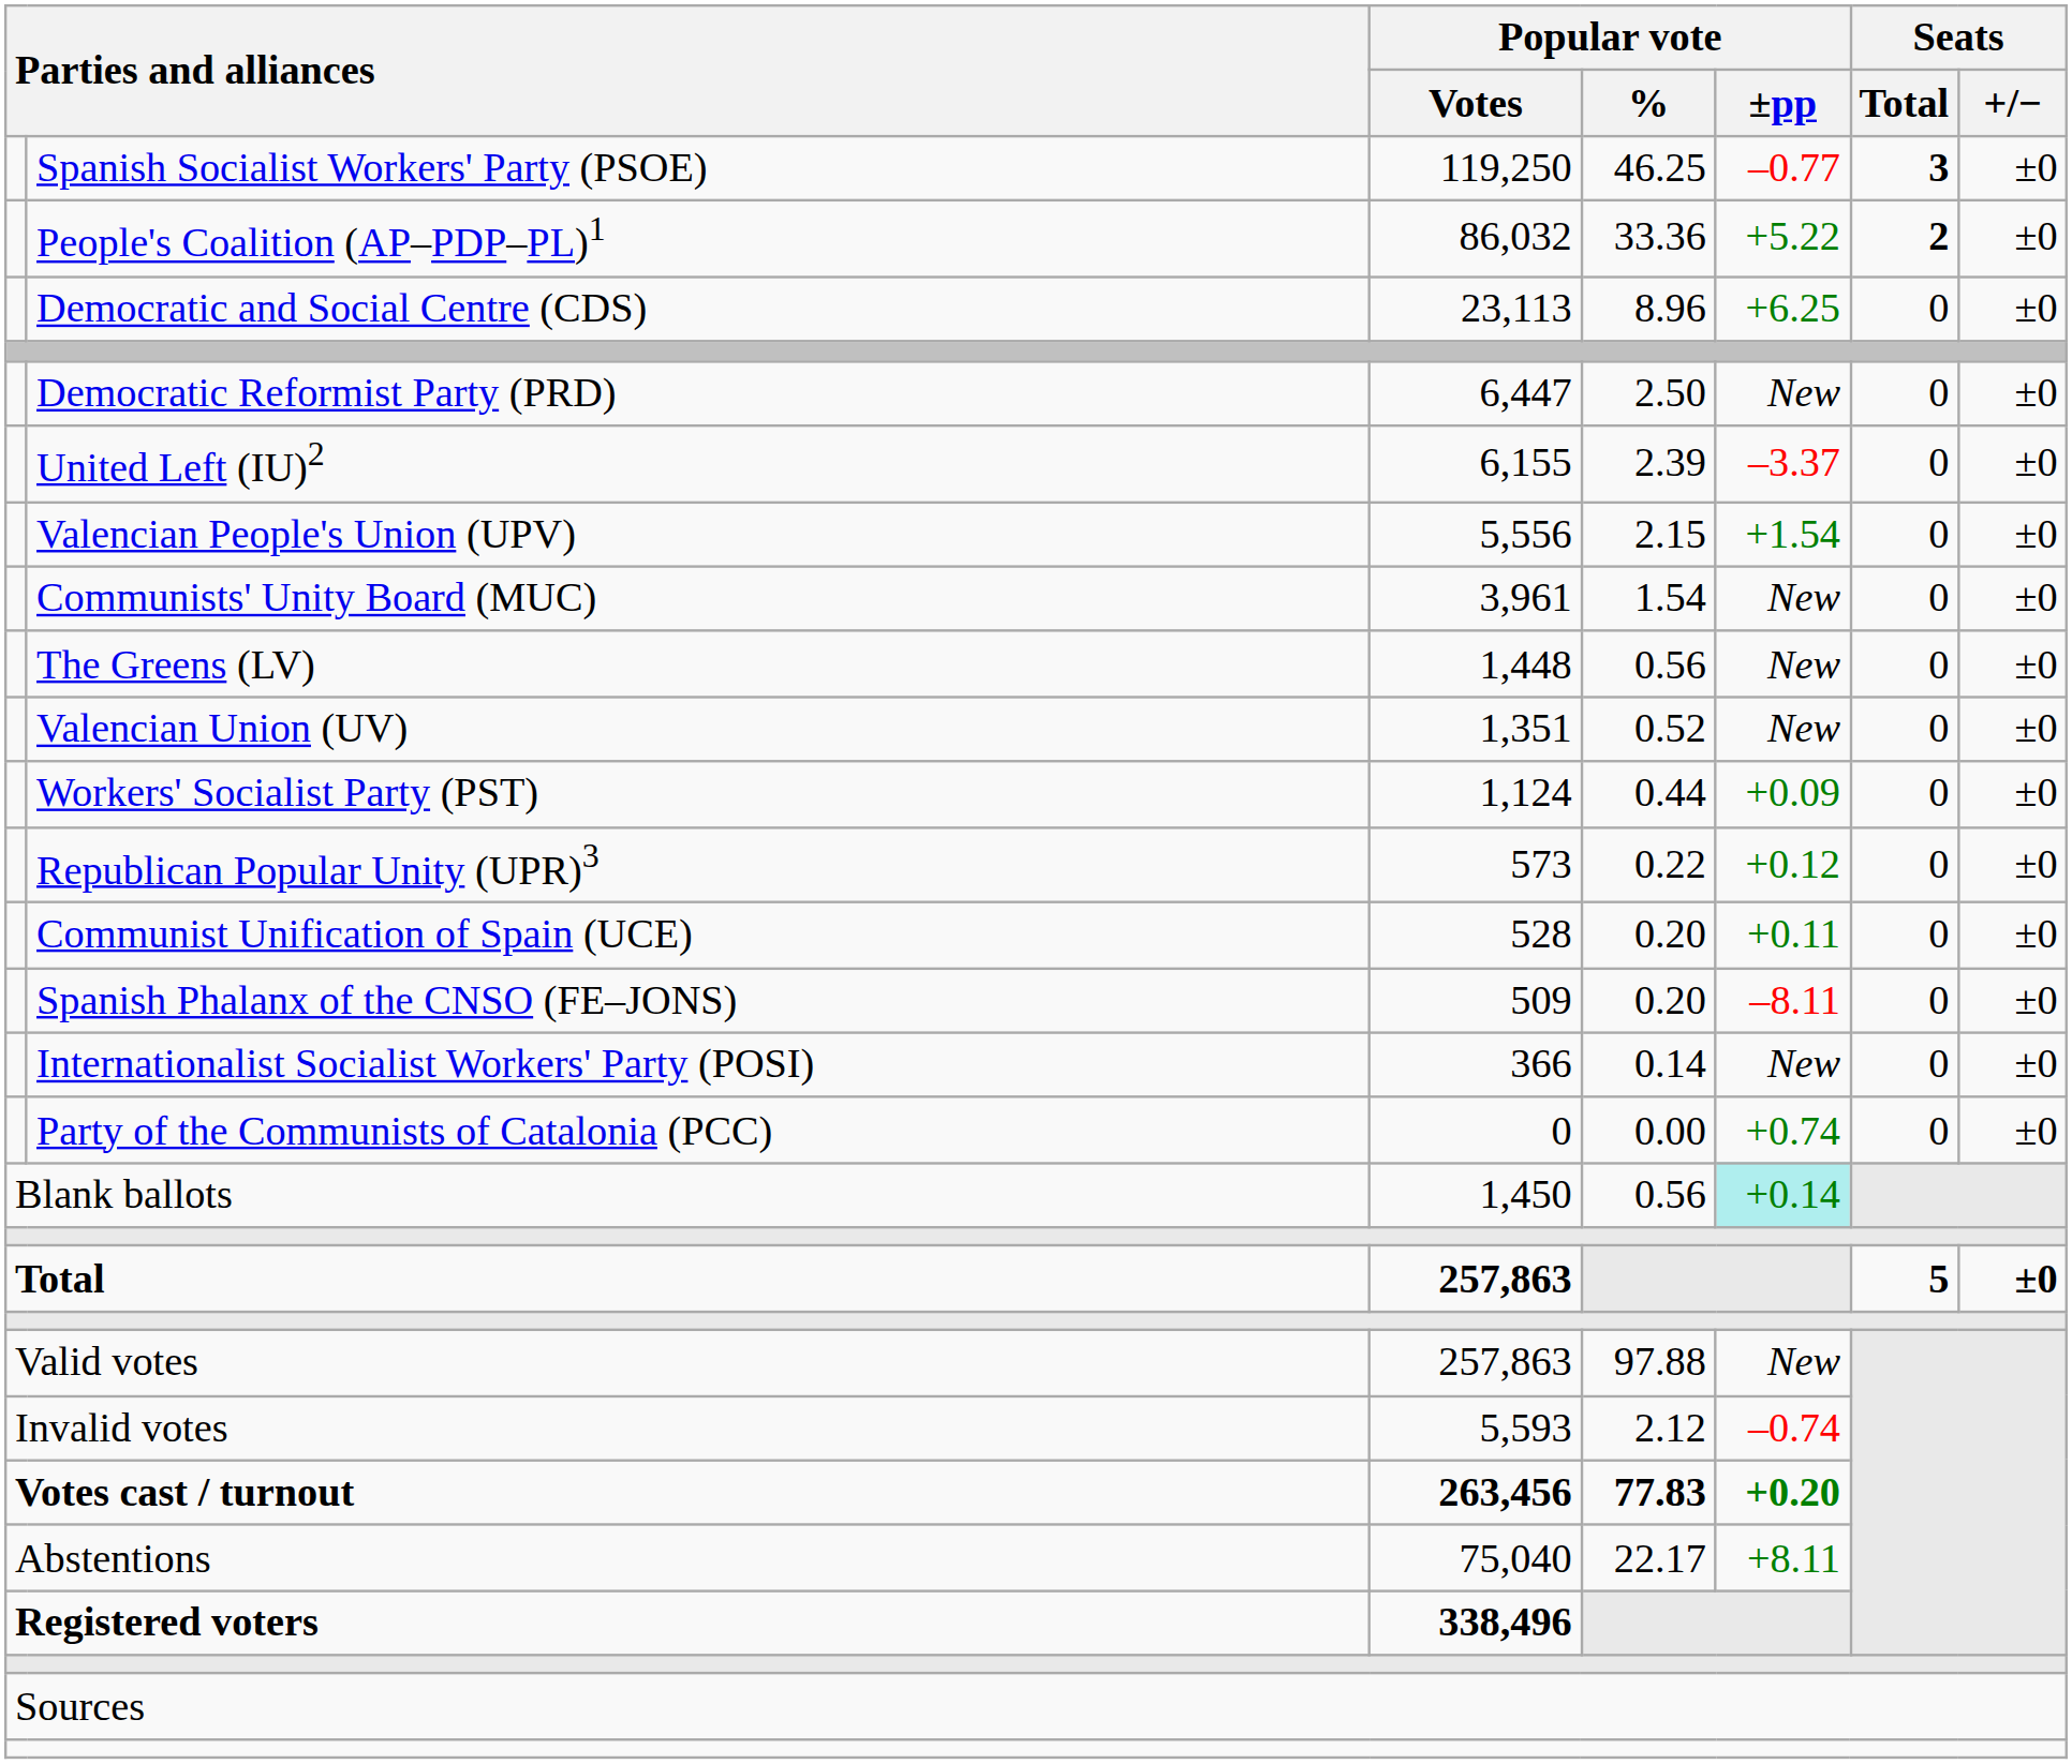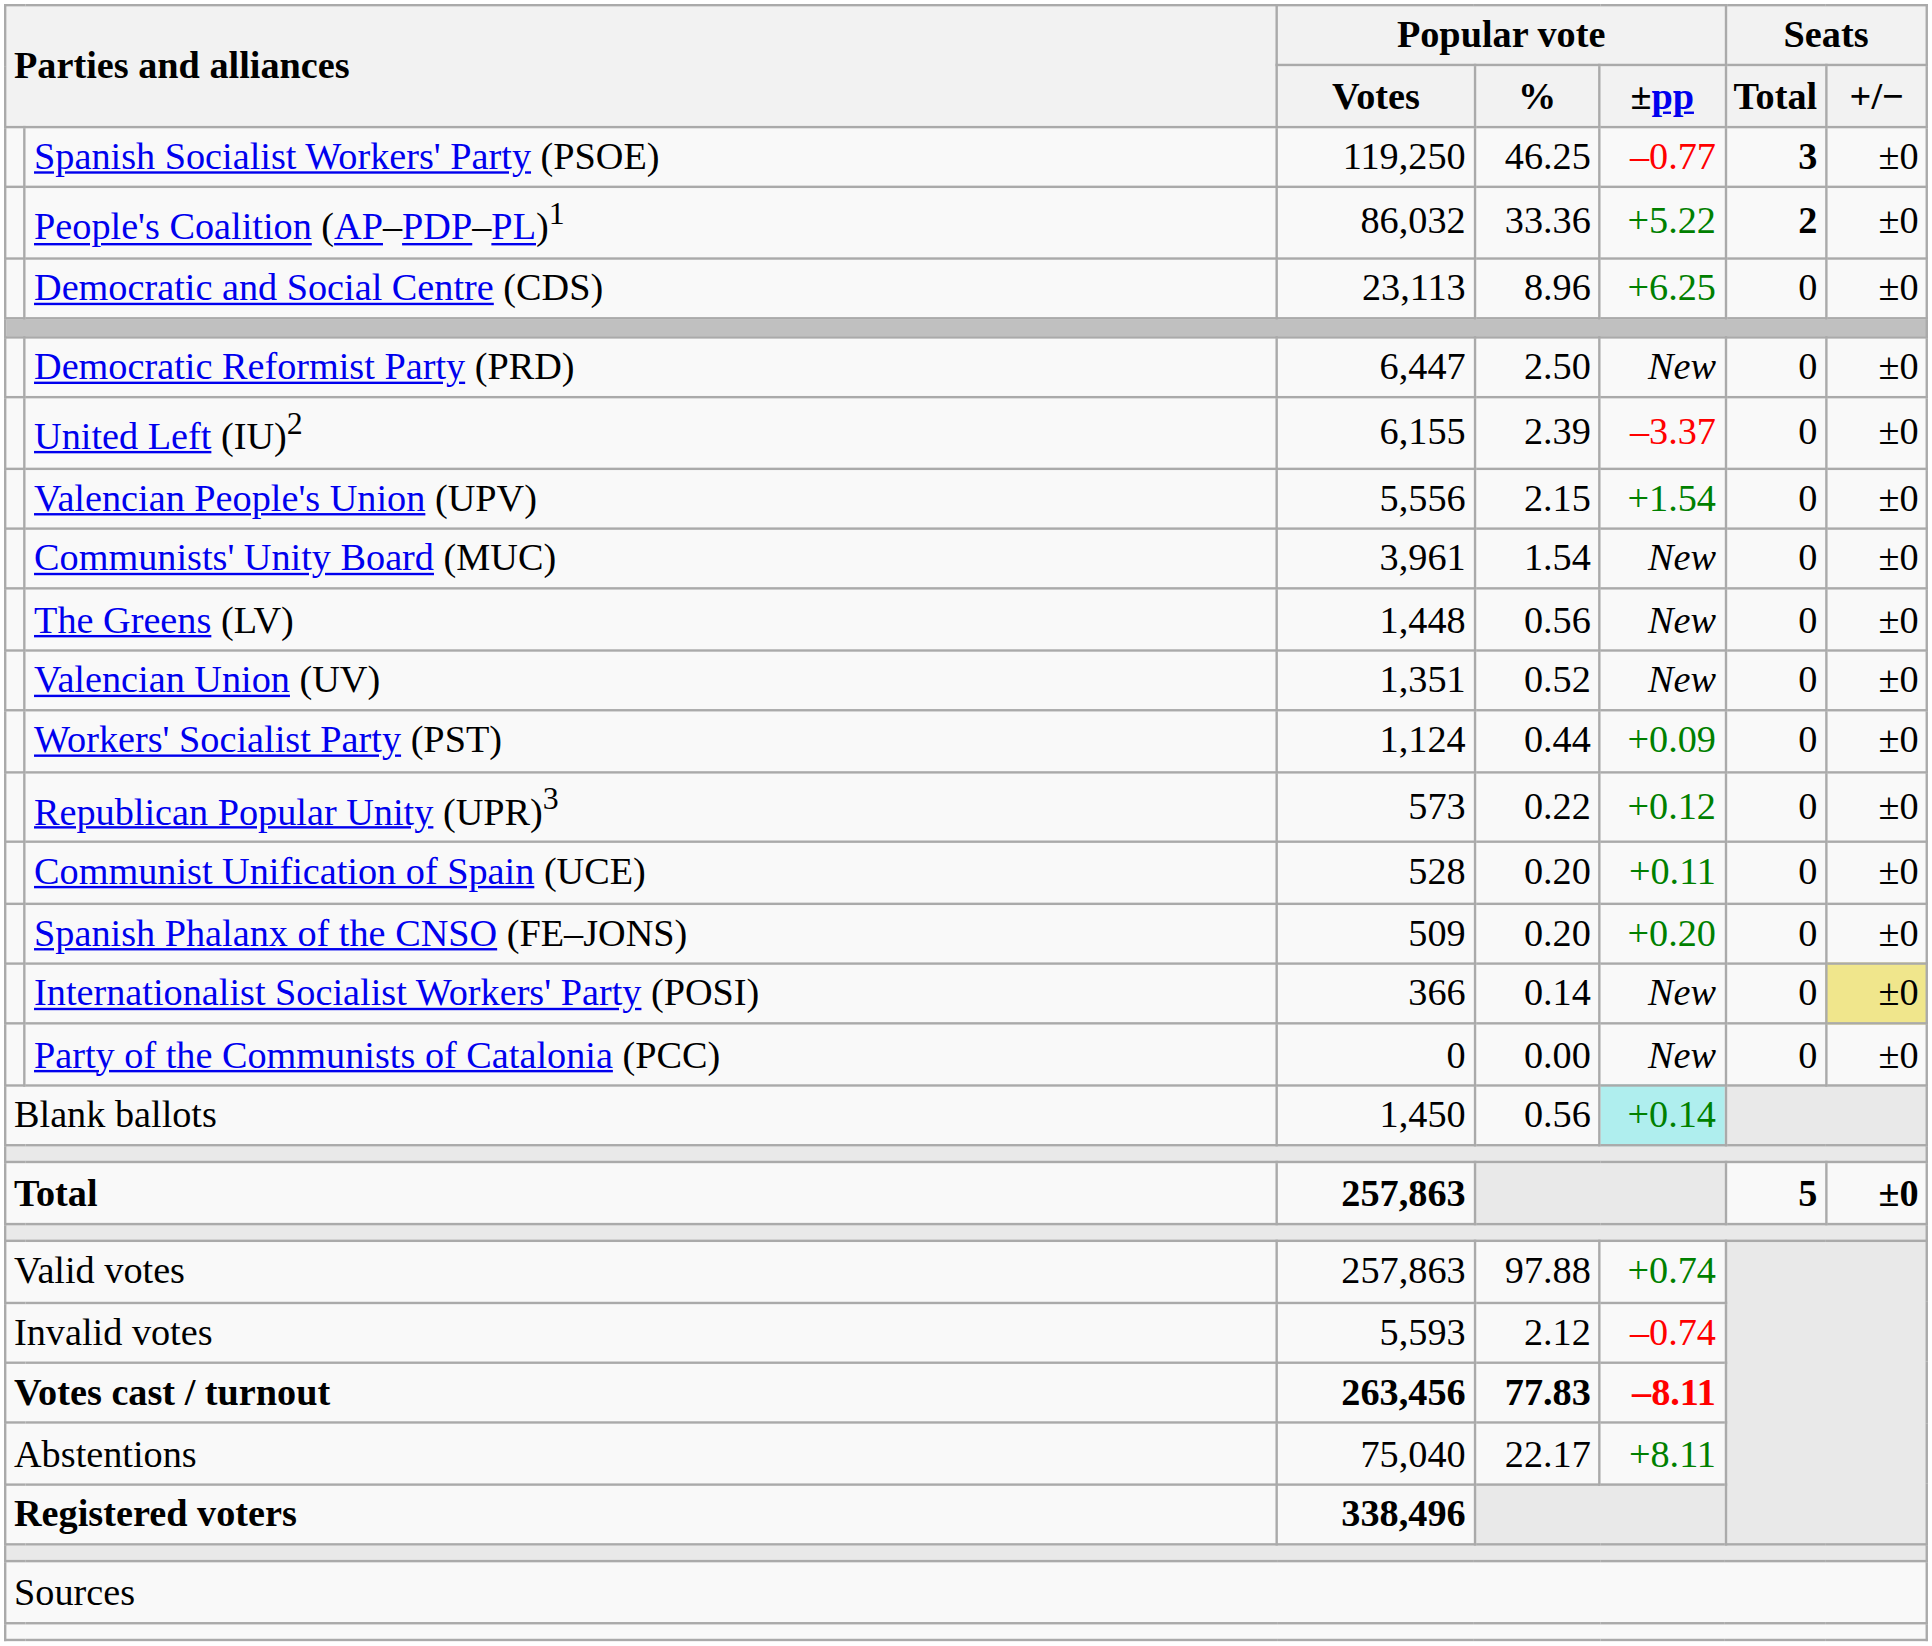 <table class="wikitable" style="text-align:right;">
 <tr>
 <th style="text-align:left;" rowspan="2" colspan="2" width="525">Parties and alliances</th>
 <th colspan="3">Popular vote</th>
 <th colspan="2">Seats</th>
 </tr>
 <tr>
 <th width="75">Votes</th>
 <th width="45">%</th>
 <th width="45">±<a href='#'>pp</a></th>
 <th width="35">Total</th>
 <th width="35">+/−</th>
 </tr>
 <tr>
 <td width="1" style="color:inherit;background:"></td>
 <td align="left"><a href='#'>Spanish Socialist Workers' Party</a> (PSOE)</td>
 <td>119,250</td>
 <td>46.25</td>
 <td style="color:red;">–0.77</td>
 <td><strong>3</strong></td>
 <td>±0</td>
 </tr>
 <tr>
 <td style="color:inherit;background:"></td>
 <td align="left"><a href='#'>People's Coalition</a> (<a href='#'>AP</a>–<a href='#'>PDP</a>–<a href='#'>PL</a>)<sup>1</sup></td>
 <td>86,032</td>
 <td>33.36</td>
 <td style="color:green;">+5.22</td>
 <td><strong>2</strong></td>
 <td>±0</td>
 </tr>
 <tr>
 <td style="color:inherit;background:"></td>
 <td align="left"><a href='#'>Democratic and Social Centre</a> (CDS)</td>
 <td>23,113</td>
 <td>8.96</td>
 <td style="color:green;">+6.25</td>
 <td>0</td>
 <td>±0</td>
 </tr>
 <tr>
 <td colspan="7" bgcolor="#C0C0C0"></td>
 </tr>
 <tr>
 <td style="color:inherit;background:"></td>
 <td align="left"><a href='#'>Democratic Reformist Party</a> (PRD)</td>
 <td>6,447</td>
 <td>2.50</td>
 <td><em>New</em></td>
 <td>0</td>
 <td>±0</td>
 </tr>
 <tr>
 <td style="color:inherit;background:"></td>
 <td align="left"><a href='#'>United Left</a> (IU)<sup>2</sup></td>
 <td>6,155</td>
 <td>2.39</td>
 <td style="color:red;">–3.37</td>
 <td>0</td>
 <td>±0</td>
 </tr>
 <tr>
 <td style="color:inherit;background:"></td>
 <td align="left"><a href='#'>Valencian People's Union</a> (UPV)</td>
 <td>5,556</td>
 <td>2.15</td>
 <td style="color:green;">+1.54</td>
 <td>0</td>
 <td>±0</td>
 </tr>
 <tr>
 <td style="color:inherit;background:"></td>
 <td align="left"><a href='#'>Communists' Unity Board</a> (MUC)</td>
 <td>3,961</td>
 <td>1.54</td>
 <td><em>New</em></td>
 <td>0</td>
 <td>±0</td>
 </tr>
 <tr>
 <td style="color:inherit;background:"></td>
 <td align="left"><a href='#'>The Greens</a> (LV)</td>
 <td>1,448</td>
 <td>0.56</td>
 <td><em>New</em></td>
 <td>0</td>
 <td>±0</td>
 </tr>
 <tr>
 <td style="color:inherit;background:"></td>
 <td align="left"><a href='#'>Valencian Union</a> (UV)</td>
 <td>1,351</td>
 <td>0.52</td>
 <td><em>New</em></td>
 <td>0</td>
 <td>±0</td>
 </tr>
 <tr>
 <td style="color:inherit;background:"></td>
 <td align="left"><a href='#'>Workers' Socialist Party</a> (PST)</td>
 <td>1,124</td>
 <td>0.44</td>
 <td style="color:green;">+0.09</td>
 <td>0</td>
 <td>±0</td>
 </tr>
 <tr>
 <td style="color:inherit;background:"></td>
 <td align="left"><a href='#'>Republican Popular Unity</a> (UPR)<sup>3</sup></td>
 <td>573</td>
 <td>0.22</td>
 <td style="color:green;">+0.12</td>
 <td>0</td>
 <td>±0</td>
 </tr>
 <tr>
 <td style="color:inherit;background:"></td>
 <td align="left"><a href='#'>Communist Unification of Spain</a> (UCE)</td>
 <td>528</td>
 <td>0.20</td>
 <td style="color:green;">+0.11</td>
 <td>0</td>
 <td>±0</td>
 </tr>
 <tr>
 <td style="color:inherit;background:"></td>
 <td align="left"><a href='#'>Spanish Phalanx of the CNSO</a> (FE–JONS)</td>
 <td>509</td>
 <td>0.20</td>
-<td style="color:red;">–8.11</td>
+<td style="color:green;">+0.20</td>
 <td>0</td>
 <td>±0</td>
 </tr>
 <tr>
 <td style="color:inherit;background:"></td>
 <td align="left"><a href='#'>Internationalist Socialist Workers' Party</a> (POSI)</td>
 <td>366</td>
 <td>0.14</td>
 <td><em>New</em></td>
 <td>0</td>
-<td>±0</td>
+<td style="background: khaki;">±0</td>
 </tr>
 <tr>
 <td style="color:inherit;background:"></td>
 <td align="left"><a href='#'>Party of the Communists of Catalonia</a> (PCC)</td>
 <td>0</td>
 <td>0.00</td>
-<td style="color:green;">+0.74</td>
+<td><em>New</em></td>
 <td>0</td>
 <td>±0</td>
 </tr>
 <tr>
 <td align="left" colspan="2">Blank ballots</td>
 <td>1,450</td>
 <td>0.56</td>
 <td style="background: paleturquoise; color:green;">+0.14</td>
 <td bgcolor="#E9E9E9" colspan="2"></td>
 </tr>
 <tr>
 <td colspan="7" bgcolor="#E9E9E9"></td>
 </tr>
 <tr style="font-weight:bold;">
 <td align="left" colspan="2">Total</td>
 <td>257,863</td>
 <td bgcolor="#E9E9E9" colspan="2"></td>
 <td>5</td>
 <td>±0</td>
 </tr>
 <tr>
 <td colspan="7" bgcolor="#E9E9E9"></td>
 </tr>
 <tr>
 <td align="left" colspan="2">Valid votes</td>
 <td>257,863</td>
 <td>97.88</td>
-<td><em>New</em></td>
+<td style="color:green;">+0.74</td>
 <td bgcolor="#E9E9E9" colspan="2" rowspan="5"></td>
 </tr>
 <tr>
 <td align="left" colspan="2">Invalid votes</td>
 <td>5,593</td>
 <td>2.12</td>
 <td style="color:red;">–0.74</td>
 </tr>
 <tr style="font-weight:bold;">
 <td align="left" colspan="2">Votes cast / turnout</td>
 <td>263,456</td>
 <td>77.83</td>
-<td style="color:green;">+0.20</td>
+<td style="color:red;">–8.11</td>
 </tr>
 <tr>
 <td align="left" colspan="2">Abstentions</td>
 <td>75,040</td>
 <td>22.17</td>
 <td style="color:green;">+8.11</td>
 </tr>
 <tr style="font-weight:bold;">
 <td align="left" colspan="2">Registered voters</td>
 <td>338,496</td>
 <td bgcolor="#E9E9E9" colspan="2"></td>
 </tr>
 <tr>
 <td colspan="7" bgcolor="#E9E9E9"></td>
 </tr>
 <tr>
 <td align="left" colspan="7">Sources</td>
 </tr>
 <tr>
 <td colspan="7" style="text-align:left; max-width:790px;"></td>
 </tr>
 </table>
